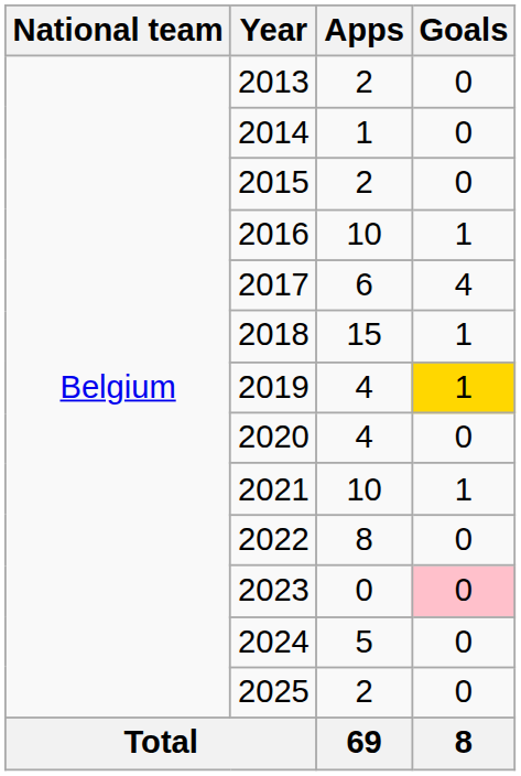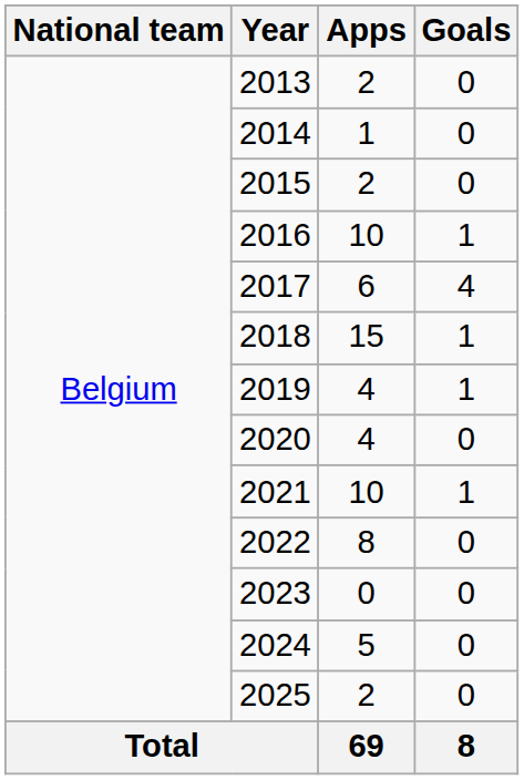 <table class="wikitable" style="text-align:center">
 <tr>
 <th>National team</th>
 <th>Year</th>
 <th>Apps</th>
 <th>Goals</th>
 </tr>
 <tr>
 <td rowspan=13><a href='#'>Belgium</a></td>
 <td>2013</td>
 <td>2</td>
 <td>0</td>
 </tr>
 <tr>
 <td>2014</td>
 <td>1</td>
 <td>0</td>
 </tr>
 <tr>
 <td>2015</td>
 <td>2</td>
 <td>0</td>
 </tr>
 <tr>
 <td>2016</td>
 <td>10</td>
 <td>1</td>
 </tr>
 <tr>
 <td>2017</td>
 <td>6</td>
 <td>4</td>
 </tr>
 <tr>
 <td>2018</td>
 <td>15</td>
 <td>1</td>
 </tr>
 <tr>
 <td>2019</td>
 <td>4</td>
-<td style="background: gold;">1</td>
+<td>1</td>
 </tr>
 <tr>
 <td>2020</td>
 <td>4</td>
 <td>0</td>
 </tr>
 <tr>
 <td>2021</td>
 <td>10</td>
 <td>1</td>
 </tr>
 <tr>
 <td>2022</td>
 <td>8</td>
 <td>0</td>
 </tr>
 <tr>
 <td>2023</td>
 <td>0</td>
-<td style="background: pink;">0</td>
+<td>0</td>
 </tr>
 <tr>
 <td>2024</td>
 <td>5</td>
 <td>0</td>
 </tr>
 <tr>
 <td>2025</td>
 <td>2</td>
 <td>0</td>
 </tr>
 <tr>
 <th colspan=2>Total</th>
 <th>69</th>
 <th>8</th>
 </tr>
 </table>
